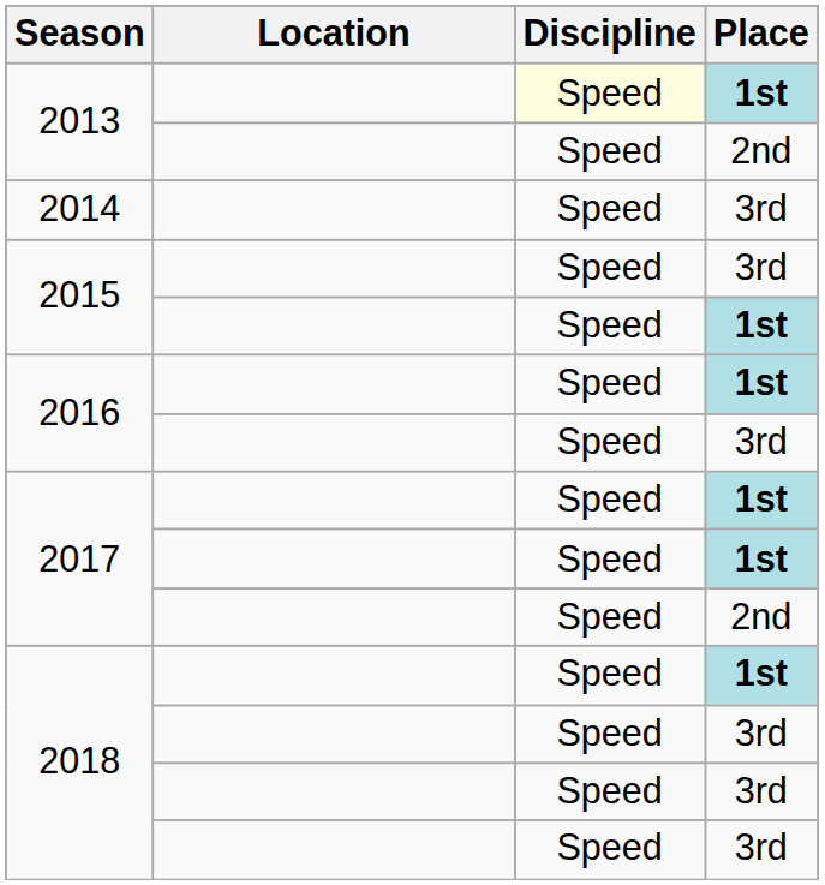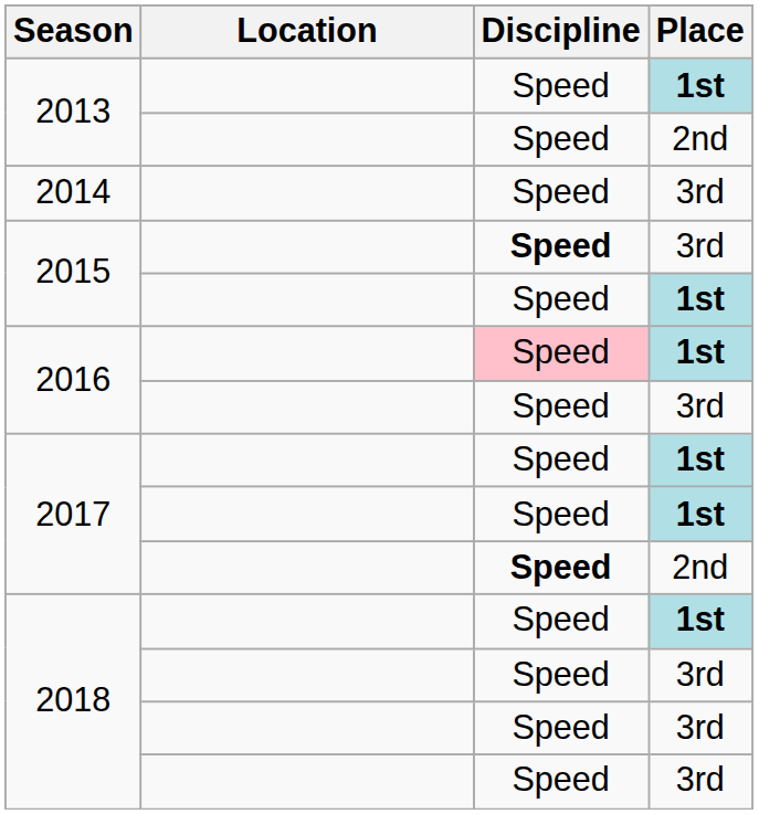 <table class="wikitable" style="text-align:center">
 <tr>
 <th width=40>Season</th>
 <th width=150>Location</th>
 <th width=60>Discipline</th>
 <th width=40>Place</th>
 </tr>
 <tr>
 <td rowspan=2>2013</td>
 <td align=left></td>
-<td style="background: lightyellow;">Speed</td>
+<td>Speed</td>
 <td bgcolor="#BOEOE6"><strong>1st</strong></td>
 </tr>
 <tr>
 <td align=left></td>
 <td>Speed</td>
 <td>2nd</td>
 </tr>
 <tr>
 <td>2014</td>
 <td align=left></td>
 <td>Speed</td>
 <td>3rd</td>
 </tr>
 <tr>
 <td rowspan=2>2015</td>
 <td align=left></td>
-<td>Speed</td>
+<td><strong>Speed</strong></td>
 <td>3rd</td>
 </tr>
 <tr>
 <td align=left></td>
 <td>Speed</td>
 <td bgcolor="#BOEOE6"><strong>1st</strong></td>
 </tr>
 <tr>
 <td rowspan=2>2016</td>
 <td align=left></td>
-<td>Speed</td>
+<td style="background: pink;">Speed</td>
 <td bgcolor="#BOEOE6"><strong>1st</strong></td>
 </tr>
 <tr>
 <td align=left></td>
 <td>Speed</td>
 <td>3rd</td>
 </tr>
 <tr>
 <td rowspan=3>2017</td>
 <td align=left></td>
 <td>Speed</td>
 <td bgcolor="#BOEOE6"><strong>1st</strong></td>
 </tr>
 <tr>
 <td align=left></td>
 <td>Speed</td>
 <td bgcolor="#BOEOE6"><strong>1st</strong></td>
 </tr>
 <tr>
 <td align=left></td>
-<td>Speed</td>
+<td><strong>Speed</strong></td>
 <td>2nd</td>
 </tr>
 <tr>
 <td rowspan=4>2018</td>
 <td align=left></td>
 <td>Speed</td>
 <td bgcolor="#BOEOE6"><strong>1st</strong></td>
 </tr>
 <tr>
 <td align=left></td>
 <td>Speed</td>
 <td>3rd</td>
 </tr>
 <tr>
 <td align=left></td>
 <td>Speed</td>
 <td>3rd</td>
 </tr>
 <tr>
 <td align=left></td>
 <td>Speed</td>
 <td>3rd</td>
 </tr>
 </table>
